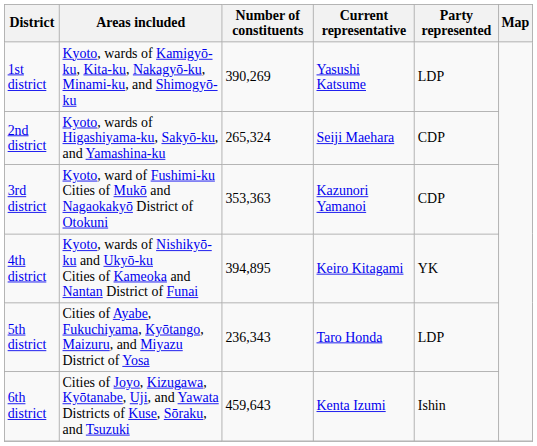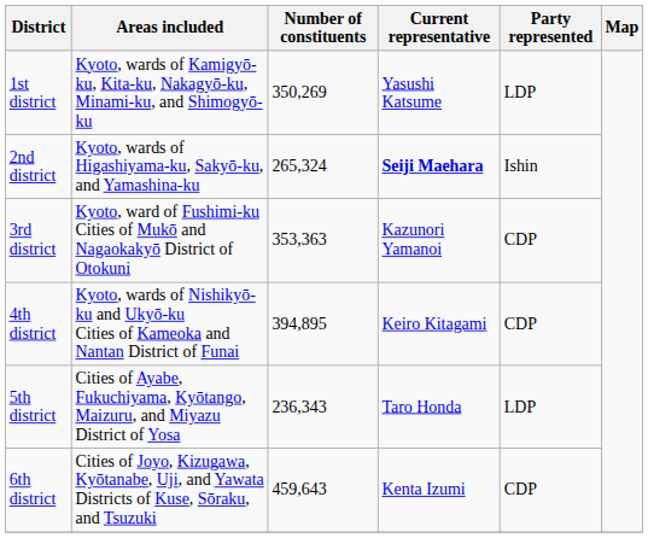 <table class="wikitable">
 <tr>
 <th>District</th>
 <th>Areas included</th>
 <th>Number of constituents</th>
 <th>Current representative</th>
 <th>Party represented</th>
 <th>Map</th>
 </tr>
 <tr>
 <td><a href='#'>1st district</a></td>
 <td><a href='#'>Kyoto</a>, wards of <a href='#'>Kamigyō-ku</a>, <a href='#'>Kita-ku</a>, <a href='#'>Nakagyō-ku</a>, <a href='#'>Minami-ku</a>, and <a href='#'>Shimogyō-ku</a></td>
-<td>390,269</td>
+<td>350,269</td>
 <td><a href='#'>Yasushi Katsume</a></td>
 <td>LDP</td>
 <td rowspan="6"></td>
 </tr>
 <tr>
 <td><a href='#'>2nd district</a></td>
 <td><a href='#'>Kyoto</a>, wards of <a href='#'>Higashiyama-ku</a>, <a href='#'>Sakyō-ku</a>, and <a href='#'>Yamashina-ku</a></td>
 <td>265,324</td>
-<td><a href='#'>Seiji Maehara</a></td>
-<td>CDP</td>
+<td><strong><a href='#'>Seiji Maehara</a></strong></td>
+<td>Ishin</td>
 </tr>
 <tr>
 <td><a href='#'>3rd district</a></td>
 <td><a href='#'>Kyoto</a>, ward of <a href='#'>Fushimi-ku</a><br>Cities of <a href='#'>Mukō</a> and <a href='#'>Nagaokakyō</a> District of <a href='#'>Otokuni</a></td>
 <td>353,363</td>
 <td><a href='#'>Kazunori Yamanoi</a></td>
 <td>CDP</td>
 </tr>
 <tr>
 <td><a href='#'>4th district</a></td>
 <td><a href='#'>Kyoto</a>, wards of <a href='#'>Nishikyō-ku</a> and <a href='#'>Ukyō-ku</a><br>Cities of <a href='#'>Kameoka</a> and <a href='#'>Nantan</a> District of <a href='#'>Funai</a></td>
 <td>394,895</td>
 <td><a href='#'>Keiro Kitagami</a></td>
-<td>YK</td>
+<td>CDP</td>
 </tr>
 <tr>
 <td><a href='#'>5th district</a></td>
 <td>Cities of <a href='#'>Ayabe</a>, <a href='#'>Fukuchiyama</a>, <a href='#'>Kyōtango</a>, <a href='#'>Maizuru</a>, and <a href='#'>Miyazu</a><br>District of <a href='#'>Yosa</a></td>
 <td>236,343</td>
 <td><a href='#'>Taro Honda</a></td>
 <td>LDP</td>
 </tr>
 <tr>
 <td><a href='#'>6th district</a></td>
 <td>Cities of <a href='#'>Joyo</a>, <a href='#'>Kizugawa</a>, <a href='#'>Kyōtanabe</a>, <a href='#'>Uji</a>, and <a href='#'>Yawata</a><br>Districts of <a href='#'>Kuse</a>, <a href='#'>Sōraku</a>, and <a href='#'>Tsuzuki</a></td>
 <td>459,643</td>
 <td><a href='#'>Kenta Izumi</a></td>
-<td>Ishin</td>
+<td>CDP</td>
 </tr>
 <tr>
 </tr>
 </table>
